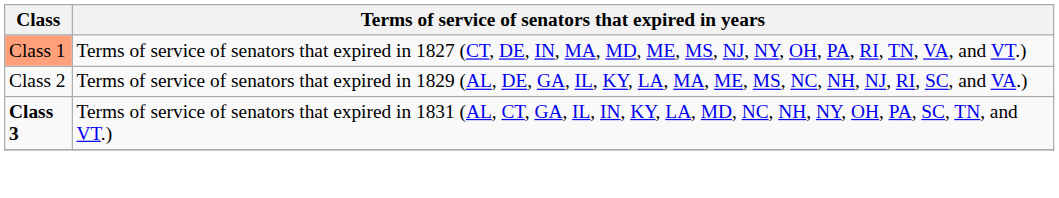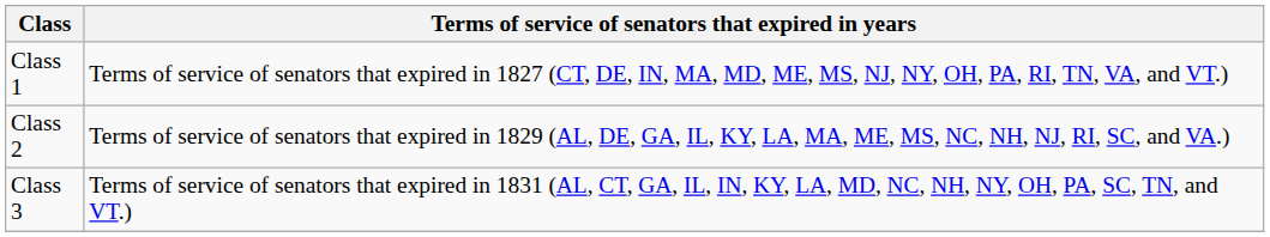 <table class="wikitable sortable">
 <tr valign=bottom>
 <th>Class</th>
 <th>Terms of service of senators that expired in years</th>
 </tr>
 <tr>
-<td style="background: lightsalmon;">Class 1</td>
+<td>Class 1</td>
 <td>Terms of service of senators that expired in 1827 (<a href='#'>CT</a>, <a href='#'>DE</a>, <a href='#'>IN</a>, <a href='#'>MA</a>, <a href='#'>MD</a>, <a href='#'>ME</a>, <a href='#'>MS</a>, <a href='#'>NJ</a>, <a href='#'>NY</a>, <a href='#'>OH</a>, <a href='#'>PA</a>, <a href='#'>RI</a>, <a href='#'>TN</a>, <a href='#'>VA</a>, and <a href='#'>VT</a>.)</td>
 </tr>
 <tr>
 <td>Class 2</td>
 <td>Terms of service of senators that expired in 1829 (<a href='#'>AL</a>, <a href='#'>DE</a>, <a href='#'>GA</a>, <a href='#'>IL</a>, <a href='#'>KY</a>, <a href='#'>LA</a>, <a href='#'>MA</a>, <a href='#'>ME</a>, <a href='#'>MS</a>, <a href='#'>NC</a>, <a href='#'>NH</a>, <a href='#'>NJ</a>, <a href='#'>RI</a>, <a href='#'>SC</a>, and <a href='#'>VA</a>.)</td>
 </tr>
 <tr>
-<td><strong>Class 3</strong></td>
+<td>Class 3</td>
 <td>Terms of service of senators that expired in 1831 (<a href='#'>AL</a>, <a href='#'>CT</a>, <a href='#'>GA</a>, <a href='#'>IL</a>, <a href='#'>IN</a>, <a href='#'>KY</a>, <a href='#'>LA</a>, <a href='#'>MD</a>, <a href='#'>NC</a>, <a href='#'>NH</a>, <a href='#'>NY</a>, <a href='#'>OH</a>, <a href='#'>PA</a>, <a href='#'>SC</a>, <a href='#'>TN</a>, and <a href='#'>VT</a>.)</td>
 </tr>
 <tr>
 </tr>
 </table>
